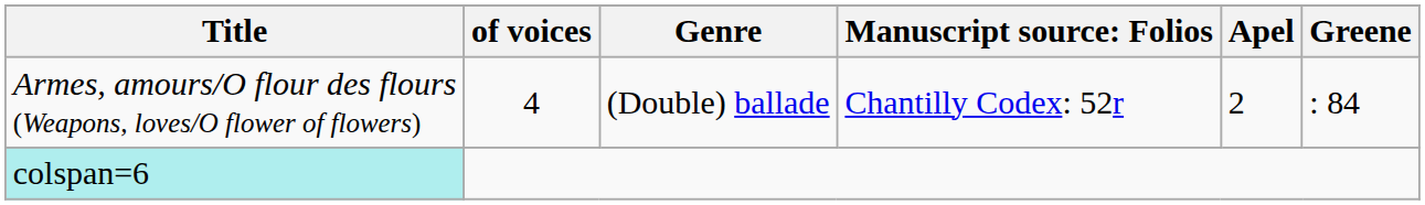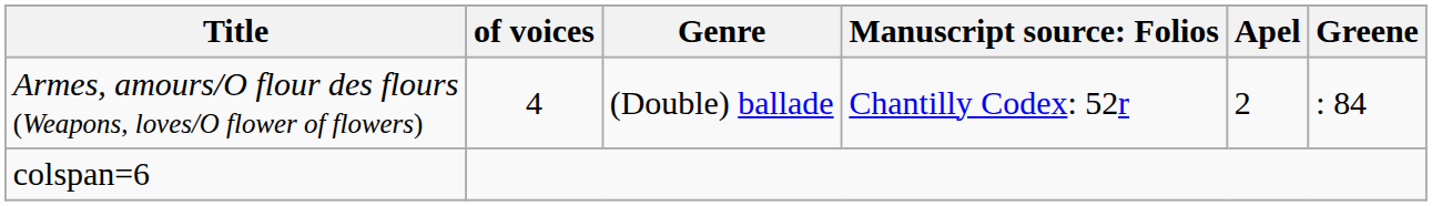 <table class = "wikitable plainrowheaders">
 <tr>
 </tr>
 <tr>
 <th scope="col">Title</th>
 <th scope="col"> of voices</th>
 <th scope="col">Genre</th>
 <th scope="col">Manuscript source: Folios</th>
 <th scope="col">Apel</th>
 <th scope="col">Greene</th>
 </tr>
 <tr>
 <td><em>Armes, amours/O flour des flours</em><br><small>(<em>Weapons, loves/O flower of flowers</em>)</small></td>
 <td style="text-align: center;">4</td>
 <td>(Double) <a href='#'>ballade</a></td>
 <td><a href='#'>Chantilly Codex</a>: 52<a href='#'>r</a></td>
 <td> 2</td>
 <td>: 84</td>
 </tr>
 <tr>
-<td style="background: paleturquoise;">colspan=6 </td>
+<td>colspan=6 </td>
 </tr>
 </table>
